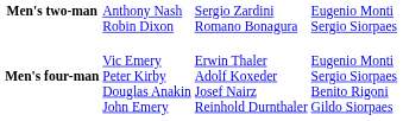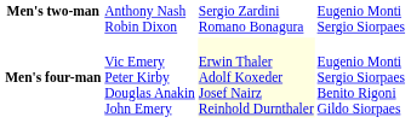 <table>
 <tr>
 <th scope="row">Men's two-man<br></th>
 <td><br><a href='#'>Anthony Nash</a><br><a href='#'>Robin Dixon</a></td>
 <td><br><a href='#'>Sergio Zardini</a><br><a href='#'>Romano Bonagura</a></td>
 <td><br><a href='#'>Eugenio Monti</a><br><a href='#'>Sergio Siorpaes</a></td>
 </tr>
 <tr>
 <th scope="row">Men's four-man<br></th>
 <td><br><a href='#'>Vic Emery</a><br><a href='#'>Peter Kirby</a><br><a href='#'>Douglas Anakin</a><br><a href='#'>John Emery</a></td>
-<td><br><a href='#'>Erwin Thaler</a><br><a href='#'>Adolf Koxeder</a><br><a href='#'>Josef Nairz</a><br><a href='#'>Reinhold Durnthaler</a></td>
+<td style="background: lightyellow;"><br><a href='#'>Erwin Thaler</a><br><a href='#'>Adolf Koxeder</a><br><a href='#'>Josef Nairz</a><br><a href='#'>Reinhold Durnthaler</a></td>
 <td><br><a href='#'>Eugenio Monti</a><br><a href='#'>Sergio Siorpaes</a><br><a href='#'>Benito Rigoni</a><br><a href='#'>Gildo Siorpaes</a></td>
 </tr>
 <tr>
 </tr>
 </table>
